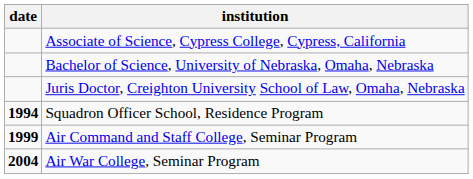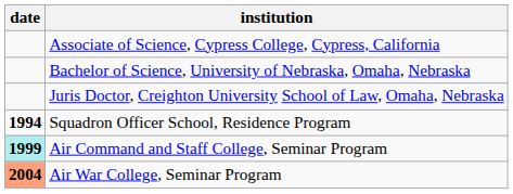 <table class="wikitable">
 <tr>
 <th><strong>date</strong></th>
 <th><strong>institution</strong></th>
 </tr>
 <tr>
 <td></td>
 <td><a href='#'>Associate of Science</a>, <a href='#'>Cypress College</a>, <a href='#'>Cypress, California</a></td>
 </tr>
 <tr>
 <td></td>
 <td><a href='#'>Bachelor of Science</a>, <a href='#'>University of Nebraska</a>, <a href='#'>Omaha</a>, <a href='#'>Nebraska</a></td>
 </tr>
 <tr>
 <td></td>
 <td><a href='#'>Juris Doctor</a>, <a href='#'>Creighton University</a> <a href='#'>School of Law</a>, <a href='#'>Omaha</a>, <a href='#'>Nebraska</a></td>
 </tr>
 <tr>
 <td><strong>1994</strong></td>
 <td>Squadron Officer School, Residence Program</td>
 </tr>
 <tr>
-<td><strong>1999</strong></td>
+<td style="background: paleturquoise;"><strong>1999</strong></td>
 <td><a href='#'>Air Command and Staff College</a>, Seminar Program</td>
 </tr>
 <tr>
-<td><strong>2004</strong></td>
+<td style="background: lightsalmon;"><strong>2004</strong></td>
 <td><a href='#'>Air War College</a>, Seminar Program</td>
 </tr>
 </table>
